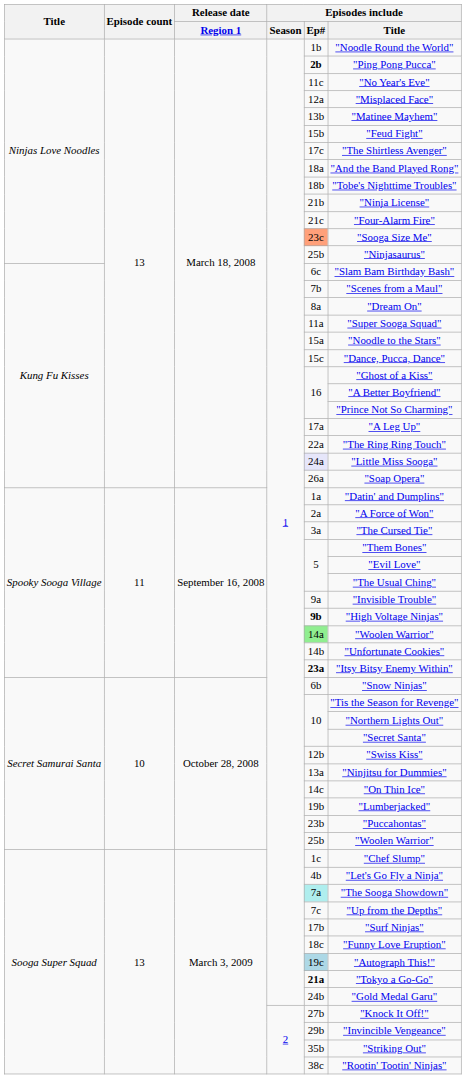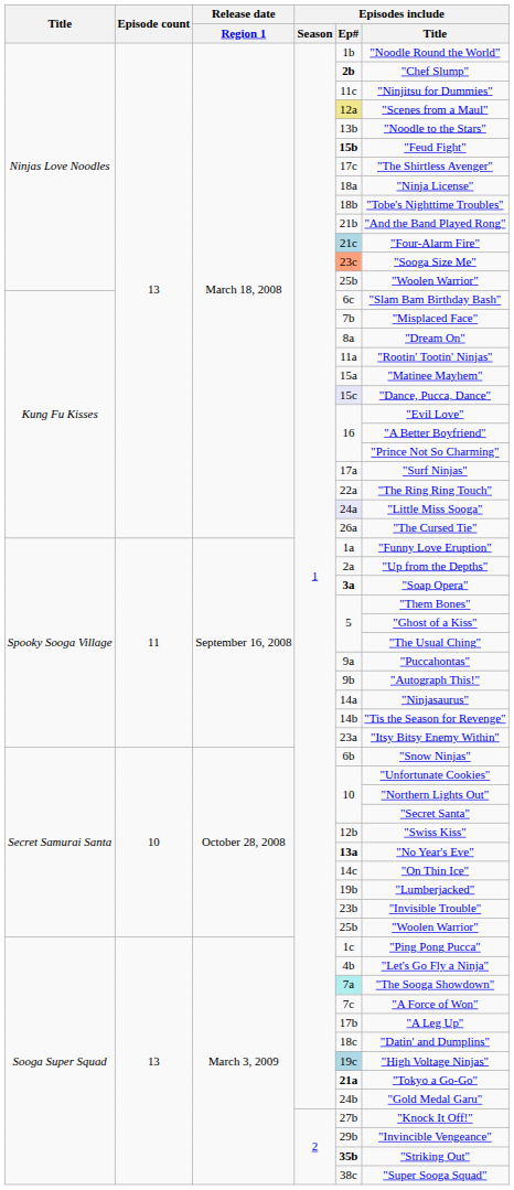 <table class="wikitable sortable" style="text-align: center">
 <tr>
 <th rowspan=2>Title</th>
 <th rowspan=2>Episode count</th>
 <th>Release date</th>
 <th colspan=3>Episodes include</th>
 </tr>
 <tr>
 <th><a href='#'>Region 1</a></th>
 <th>Season</th>
 <th>Ep#</th>
 <th>Title</th>
 </tr>
 <tr>
 <td rowspan=13><em>Ninjas Love Noodles</em></td>
 <td rowspan=26>13</td>
 <td rowspan=26>March 18, 2008</td>
 <td rowspan=56><a href='#'>1</a></td>
 <td>1b</td>
 <td><a href='#'>"Noodle Round the World"</a></td>
 </tr>
 <tr>
 <td><strong>2b</strong></td>
-<td><a href='#'>"Ping Pong Pucca"</a></td>
+<td><a href='#'>"Chef Slump"</a></td>
 </tr>
 <tr>
 <td>11c</td>
-<td><a href='#'>"No Year's Eve"</a></td>
+<td><a href='#'>"Ninjitsu for Dummies"</a></td>
 </tr>
 <tr>
-<td>12a</td>
-<td><a href='#'>"Misplaced Face"</a></td>
+<td style="background: khaki;">12a</td>
+<td><a href='#'>"Scenes from a Maul"</a></td>
 </tr>
 <tr>
 <td>13b</td>
-<td><a href='#'>"Matinee Mayhem"</a></td>
+<td><a href='#'>"Noodle to the Stars"</a></td>
 </tr>
 <tr>
-<td>15b</td>
+<td><strong>15b</strong></td>
 <td><a href='#'>"Feud Fight"</a></td>
 </tr>
 <tr>
 <td>17c</td>
 <td><a href='#'>"The Shirtless Avenger"</a></td>
 </tr>
 <tr>
 <td>18a</td>
-<td><a href='#'>"And the Band Played Rong"</a></td>
+<td><a href='#'>"Ninja License"</a></td>
 </tr>
 <tr>
 <td>18b</td>
 <td><a href='#'>"Tobe's Nighttime Troubles"</a></td>
 </tr>
 <tr>
 <td>21b</td>
-<td><a href='#'>"Ninja License"</a></td>
+<td><a href='#'>"And the Band Played Rong"</a></td>
 </tr>
 <tr>
-<td>21c</td>
+<td style="background: lightblue;">21c</td>
 <td><a href='#'>"Four-Alarm Fire"</a></td>
 </tr>
 <tr>
 <td style="background: lightsalmon;">23c</td>
 <td><a href='#'>"Sooga Size Me"</a></td>
 </tr>
 <tr>
 <td>25b</td>
-<td><a href='#'>"Ninjasaurus"</a></td>
+<td><a href='#'>"Woolen Warrior"</a></td>
 </tr>
 <tr>
 <td rowspan=13><em>Kung Fu Kisses</em></td>
 <td>6c</td>
 <td><a href='#'>"Slam Bam Birthday Bash"</a></td>
 </tr>
 <tr>
 <td>7b</td>
-<td><a href='#'>"Scenes from a Maul"</a></td>
+<td><a href='#'>"Misplaced Face"</a></td>
 </tr>
 <tr>
 <td>8a</td>
 <td><a href='#'>"Dream On"</a></td>
 </tr>
 <tr>
 <td>11a</td>
-<td><a href='#'>"Super Sooga Squad"</a></td>
+<td><a href='#'>"Rootin' Tootin' Ninjas"</a></td>
 </tr>
 <tr>
 <td>15a</td>
-<td><a href='#'>"Noodle to the Stars"</a></td>
+<td><a href='#'>"Matinee Mayhem"</a></td>
 </tr>
 <tr>
-<td>15c</td>
+<td style="background: lavender;">15c</td>
 <td><a href='#'>"Dance, Pucca, Dance"</a></td>
 </tr>
 <tr>
 <td rowspan=3>16</td>
-<td><a href='#'>"Ghost of a Kiss"</a></td>
+<td><a href='#'>"Evil Love"</a></td>
 </tr>
 <tr>
 <td><a href='#'>"A Better Boyfriend"</a></td>
 </tr>
 <tr>
 <td><a href='#'>"Prince Not So Charming"</a></td>
 </tr>
 <tr>
 <td>17a</td>
-<td><a href='#'>"A Leg Up"</a></td>
+<td><a href='#'>"Surf Ninjas"</a></td>
 </tr>
 <tr>
 <td>22a</td>
 <td><a href='#'>"The Ring Ring Touch"</a></td>
 </tr>
 <tr>
 <td style="background: lavender;">24a</td>
 <td><a href='#'>"Little Miss Sooga"</a></td>
 </tr>
 <tr>
 <td>26a</td>
-<td><a href='#'>"Soap Opera"</a></td>
+<td><a href='#'>"The Cursed Tie"</a></td>
 </tr>
 <tr>
 <td rowspan=11><em>Spooky Sooga Village</em></td>
 <td rowspan=11>11</td>
 <td rowspan=11>September 16, 2008</td>
 <td>1a</td>
-<td><a href='#'>"Datin' and Dumplins"</a></td>
+<td><a href='#'>"Funny Love Eruption"</a></td>
 </tr>
 <tr>
 <td>2a</td>
-<td><a href='#'>"A Force of Won"</a></td>
+<td><a href='#'>"Up from the Depths"</a></td>
 </tr>
 <tr>
-<td>3a</td>
-<td><a href='#'>"The Cursed Tie"</a></td>
+<td><strong>3a</strong></td>
+<td><a href='#'>"Soap Opera"</a></td>
 </tr>
 <tr>
 <td rowspan=3>5</td>
 <td><a href='#'>"Them Bones"</a></td>
 </tr>
 <tr>
-<td><a href='#'>"Evil Love"</a></td>
+<td><a href='#'>"Ghost of a Kiss"</a></td>
 </tr>
 <tr>
 <td><a href='#'>"The Usual Ching"</a></td>
 </tr>
 <tr>
 <td>9a</td>
-<td><a href='#'>"Invisible Trouble"</a></td>
+<td><a href='#'>"Puccahontas"</a></td>
 </tr>
 <tr>
-<td><strong>9b</strong></td>
-<td><a href='#'>"High Voltage Ninjas"</a></td>
+<td>9b</td>
+<td><a href='#'>"Autograph This!"</a></td>
 </tr>
 <tr>
-<td style="background: lightgreen;">14a</td>
-<td><a href='#'>"Woolen Warrior"</a></td>
+<td>14a</td>
+<td><a href='#'>"Ninjasaurus"</a></td>
 </tr>
 <tr>
 <td>14b</td>
-<td><a href='#'>"Unfortunate Cookies"</a></td>
+<td><a href='#'>"Tis the Season for Revenge"</a></td>
 </tr>
 <tr>
-<td><strong>23a</strong></td>
+<td>23a</td>
 <td><a href='#'>"Itsy Bitsy Enemy Within"</a></td>
 </tr>
 <tr>
 <td rowspan=10><em>Secret Samurai Santa</em></td>
 <td rowspan=10>10</td>
 <td rowspan=10>October 28, 2008</td>
 <td>6b</td>
 <td><a href='#'>"Snow Ninjas"</a></td>
 </tr>
 <tr>
 <td rowspan=3>10</td>
-<td><a href='#'>"Tis the Season for Revenge"</a></td>
+<td><a href='#'>"Unfortunate Cookies"</a></td>
 </tr>
 <tr>
 <td><a href='#'>"Northern Lights Out"</a></td>
 </tr>
 <tr>
 <td><a href='#'>"Secret Santa"</a></td>
 </tr>
 <tr>
 <td>12b</td>
 <td><a href='#'>"Swiss Kiss"</a></td>
 </tr>
 <tr>
-<td>13a</td>
-<td><a href='#'>"Ninjitsu for Dummies"</a></td>
+<td><strong>13a</strong></td>
+<td><a href='#'>"No Year's Eve"</a></td>
 </tr>
 <tr>
 <td>14c</td>
 <td><a href='#'>"On Thin Ice"</a></td>
 </tr>
 <tr>
 <td>19b</td>
 <td><a href='#'>"Lumberjacked"</a></td>
 </tr>
 <tr>
 <td>23b</td>
-<td><a href='#'>"Puccahontas"</a></td>
+<td><a href='#'>"Invisible Trouble"</a></td>
 </tr>
 <tr>
 <td>25b</td>
 <td><a href='#'>"Woolen Warrior"</a></td>
 </tr>
 <tr>
 <td rowspan=13><em>Sooga Super Squad</em></td>
 <td rowspan=13>13</td>
 <td rowspan=13>March 3, 2009</td>
 <td>1c</td>
-<td><a href='#'>"Chef Slump"</a></td>
+<td><a href='#'>"Ping Pong Pucca"</a></td>
 </tr>
 <tr>
 <td>4b</td>
 <td><a href='#'>"Let's Go Fly a Ninja"</a></td>
 </tr>
 <tr>
 <td style="background: paleturquoise;">7a</td>
 <td><a href='#'>"The Sooga Showdown"</a></td>
 </tr>
 <tr>
 <td>7c</td>
-<td><a href='#'>"Up from the Depths"</a></td>
+<td><a href='#'>"A Force of Won"</a></td>
 </tr>
 <tr>
 <td>17b</td>
-<td><a href='#'>"Surf Ninjas"</a></td>
+<td><a href='#'>"A Leg Up"</a></td>
 </tr>
 <tr>
 <td>18c</td>
-<td><a href='#'>"Funny Love Eruption"</a></td>
+<td><a href='#'>"Datin' and Dumplins"</a></td>
 </tr>
 <tr>
 <td style="background: lightblue;">19c</td>
-<td><a href='#'>"Autograph This!"</a></td>
+<td><a href='#'>"High Voltage Ninjas"</a></td>
 </tr>
 <tr>
 <td><strong>21a</strong></td>
 <td><a href='#'>"Tokyo a Go-Go"</a></td>
 </tr>
 <tr>
 <td>24b</td>
 <td><a href='#'>"Gold Medal Garu"</a></td>
 </tr>
 <tr>
 <td rowspan=4><a href='#'>2</a></td>
 <td>27b</td>
 <td><a href='#'>"Knock It Off!"</a></td>
 </tr>
 <tr>
 <td>29b</td>
 <td><a href='#'>"Invincible Vengeance"</a></td>
 </tr>
 <tr>
-<td>35b</td>
+<td><strong>35b</strong></td>
 <td><a href='#'>"Striking Out"</a></td>
 </tr>
 <tr>
 <td>38c</td>
-<td><a href='#'>"Rootin' Tootin' Ninjas"</a></td>
+<td><a href='#'>"Super Sooga Squad"</a></td>
 </tr>
 </table>
